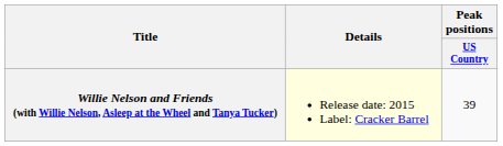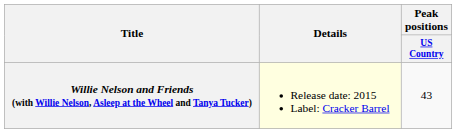 <table class="wikitable plainrowheaders" style="text-align:center;">
 <tr>
 <th rowspan="2" style="width:22em;">Title</th>
 <th rowspan="2" style="width:12em;">Details</th>
 <th>Peak positions</th>
 </tr>
 <tr style="font-size:smaller;">
 <th width="65"><a href='#'>US Country</a></th>
 </tr>
 <tr>
 <th scope="row"><em>Willie Nelson and Friends</em><br><small>(with <a href='#'>Willie Nelson</a>, <a href='#'>Asleep at the Wheel</a> and <a href='#'>Tanya Tucker</a>)</small></th>
 <td align="left" style="background: lightyellow;"><br><ul><li>Release date: 2015</li><li>Label: <a href='#'>Cracker Barrel</a></li></ul></td>
-<td>39</td>
+<td>43</td>
 </tr>
 </table>
